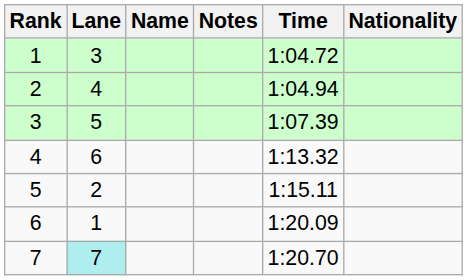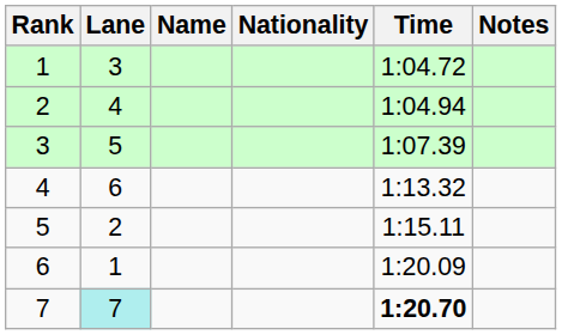 <table class="wikitable sortable" style="text-align:center">
 <tr>
 <th>Rank</th>
 <th>Lane</th>
 <th>Name</th>
+<th>Nationality</th>
+<th>Time</th>
 <th>Notes</th>
-<th>Time</th>
-<th>Nationality</th>
 </tr>
 <tr bgcolor=ccffcc>
 <td>1</td>
 <td>3</td>
 <td align=left></td>
+<td align=left></td>
+<td>1:04.72</td>
 <td><strong></strong> <strong></strong></td>
-<td>1:04.72</td>
-<td align=left></td>
 </tr>
 <tr bgcolor=ccffcc>
 <td>2</td>
 <td>4</td>
 <td align=left></td>
+<td align=left></td>
+<td>1:04.94</td>
 <td><strong></strong></td>
-<td>1:04.94</td>
-<td align=left></td>
 </tr>
 <tr bgcolor=ccffcc>
 <td>3</td>
 <td>5</td>
 <td align=left></td>
+<td align=left></td>
+<td>1:07.39</td>
 <td><strong></strong></td>
-<td>1:07.39</td>
-<td align=left></td>
 </tr>
 <tr>
 <td>4</td>
 <td>6</td>
 <td align=left></td>
+<td align=left></td>
+<td>1:13.32</td>
 <td></td>
-<td>1:13.32</td>
-<td align=left></td>
 </tr>
 <tr>
 <td>5</td>
 <td>2</td>
 <td align=left></td>
+<td align=left></td>
+<td>1:15.11</td>
 <td></td>
-<td>1:15.11</td>
-<td align=left></td>
 </tr>
 <tr>
 <td>6</td>
 <td>1</td>
 <td align=left></td>
+<td align=left></td>
+<td>1:20.09</td>
 <td></td>
-<td>1:20.09</td>
-<td align=left></td>
 </tr>
 <tr>
 <td>7</td>
 <td style="background: paleturquoise;">7</td>
 <td align=left></td>
+<td align=left></td>
+<td><strong>1:20.70</strong></td>
 <td></td>
-<td>1:20.70</td>
-<td align=left></td>
 </tr>
 </table>
